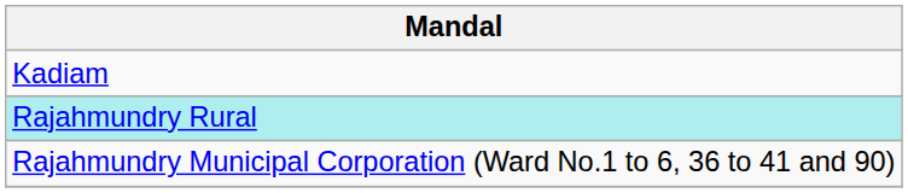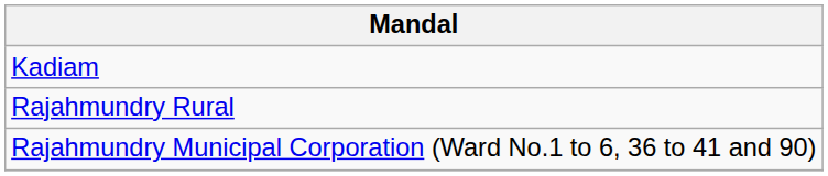 <table class="wikitable sortable static-row-numbers static-row-header-hash">
 <tr>
 <th>Mandal</th>
 </tr>
 <tr>
 <td><a href='#'>Kadiam</a></td>
 </tr>
 <tr>
-<td style="background: paleturquoise;"><a href='#'>Rajahmundry Rural</a></td>
+<td><a href='#'>Rajahmundry Rural</a></td>
 </tr>
 <tr>
 <td><a href='#'>Rajahmundry Municipal Corporation</a> (Ward No.1 to 6, 36 to 41 and 90)</td>
 </tr>
 <tr>
 </tr>
 </table>
